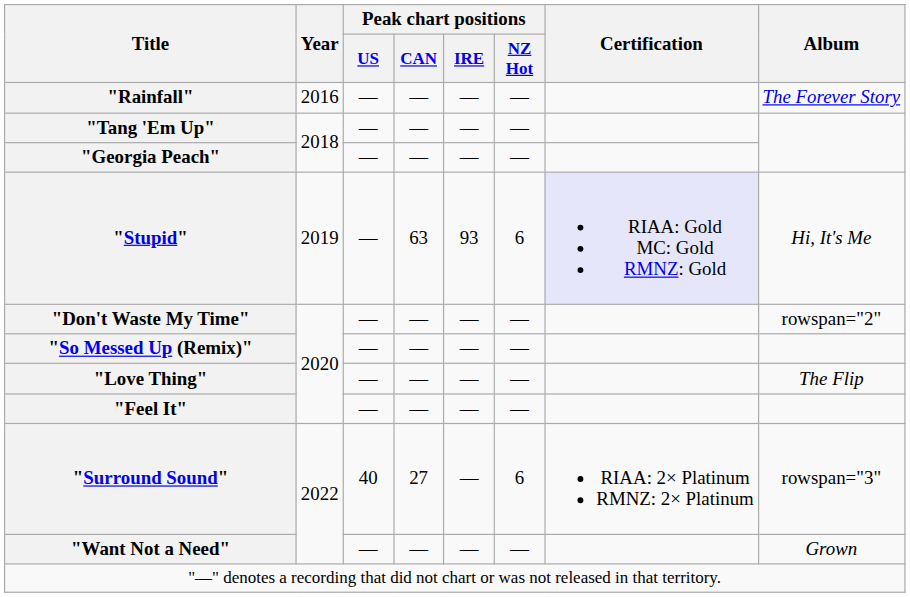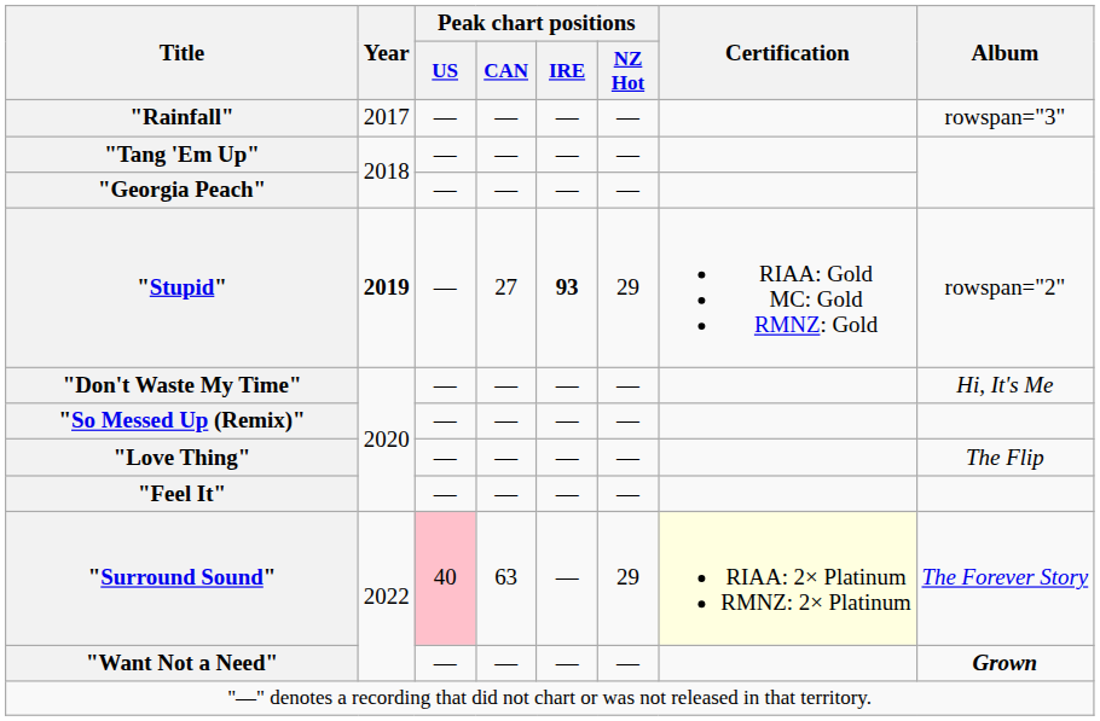 <table class="wikitable plainrowheaders" style="text-align:center;">
 <tr>
 <th scope="col" rowspan="2" style="width:15em;">Title</th>
 <th scope="col" rowspan="2">Year</th>
 <th colspan="4" scope="col">Peak chart positions</th>
 <th scope="col" rowspan="2">Certification</th>
 <th scope="col" rowspan="2">Album</th>
 </tr>
 <tr>
 <th scope="col" style="width:2.5em;font-size:90%;"><a href='#'>US</a><br></th>
 <th scope="col" style="width:2.5em;font-size:90%;"><a href='#'>CAN</a><br></th>
 <th scope="col" style="width:2.5em;font-size:90%;"><a href='#'>IRE</a><br></th>
 <th scope="col" style="width:2.5em;font-size:90%;"><a href='#'>NZ<br>Hot</a><br></th>
 </tr>
 <tr>
 <th scope="row">"Rainfall"<br></th>
-<td>2016</td>
+<td>2017</td>
 <td>—</td>
 <td>—</td>
 <td>—</td>
 <td>—</td>
 <td></td>
-<td><em><a href='#'>The Forever Story</a></em></td>
+<td>rowspan="3" </td>
 </tr>
 <tr>
 <th scope="row">"Tang 'Em Up"<br></th>
 <td rowspan="2">2018</td>
 <td>—</td>
 <td>—</td>
 <td>—</td>
 <td>—</td>
 <td></td>
 </tr>
 <tr>
 <th scope="row">"Georgia Peach"<br></th>
 <td>—</td>
 <td>—</td>
 <td>—</td>
 <td>—</td>
 <td></td>
 </tr>
 <tr>
 <th scope="row">"<a href='#'>Stupid</a>"<br></th>
-<td>2019</td>
+<td><strong>2019</strong></td>
 <td>—</td>
-<td>63</td>
-<td>93</td>
-<td>6</td>
-<td style="background: lavender;"><br><ul><li>RIAA: Gold</li><li>MC: Gold</li><li><a href='#'>RMNZ</a>: Gold</li></ul></td>
-<td><em>Hi, It's Me</em></td>
+<td>27</td>
+<td><strong>93</strong></td>
+<td>29</td>
+<td><br><ul><li>RIAA: Gold</li><li>MC: Gold</li><li><a href='#'>RMNZ</a>: Gold</li></ul></td>
+<td>rowspan="2" </td>
 </tr>
 <tr>
 <th scope="row">"Don't Waste My Time"<br></th>
 <td rowspan="4">2020</td>
 <td>—</td>
 <td>—</td>
 <td>—</td>
 <td>—</td>
 <td></td>
-<td>rowspan="2" </td>
+<td><em>Hi, It's Me</em></td>
 </tr>
 <tr>
 <th scope="row">"<a href='#'>So Messed Up</a> (Remix)"<br></th>
 <td>—</td>
 <td>—</td>
 <td>—</td>
 <td>—</td>
 <td></td>
 </tr>
 <tr>
 <th scope="row">"Love Thing"<br></th>
 <td>—</td>
 <td>—</td>
 <td>—</td>
 <td>—</td>
 <td></td>
 <td><em>The Flip</em></td>
 </tr>
 <tr>
 <th scope="row">"Feel It"<br></th>
 <td>—</td>
 <td>—</td>
 <td>—</td>
 <td>—</td>
 <td></td>
 <td></td>
 </tr>
 <tr>
 <th scope="row">"<a href='#'>Surround Sound</a>"<br></th>
 <td rowspan="2">2022</td>
-<td>40</td>
-<td>27</td>
+<td style="background: pink;">40</td>
+<td>63</td>
 <td>—</td>
-<td>6</td>
-<td><br><ul><li>RIAA: 2× Platinum</li><li>RMNZ: 2× Platinum</li></ul></td>
-<td>rowspan="3" </td>
+<td>29</td>
+<td style="background: lightyellow;"><br><ul><li>RIAA: 2× Platinum</li><li>RMNZ: 2× Platinum</li></ul></td>
+<td><em><a href='#'>The Forever Story</a></em></td>
 </tr>
 <tr>
 <th scope="row">"Want Not a Need"<br></th>
 <td>—</td>
 <td>—</td>
 <td>—</td>
 <td>—</td>
 <td></td>
-<td><em>Grown</em></td>
+<td><strong><em>Grown</em></strong></td>
 </tr>
 <tr>
 <td colspan="14" style="font-size:90%">"—" denotes a recording that did not chart or was not released in that territory.</td>
 </tr>
 </table>
